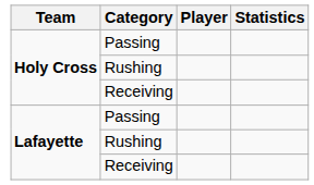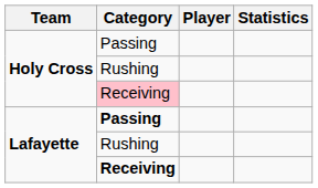 <table class="wikitable" style="float: right;">
 <tr>
 <th>Team</th>
 <th>Category</th>
 <th>Player</th>
 <th>Statistics</th>
 </tr>
 <tr>
 <td rowspan=3><strong>Holy Cross</strong></td>
 <td>Passing</td>
 <td></td>
 <td></td>
 </tr>
 <tr>
 <td>Rushing</td>
 <td></td>
 <td></td>
 </tr>
 <tr>
-<td>Receiving</td>
+<td style="background: pink;">Receiving</td>
 <td></td>
 <td></td>
 </tr>
 <tr>
 <td rowspan=3><strong>Lafayette</strong></td>
-<td>Passing</td>
+<td><strong>Passing</strong></td>
 <td></td>
 <td></td>
 </tr>
 <tr>
 <td>Rushing</td>
 <td></td>
 <td></td>
 </tr>
 <tr>
-<td>Receiving</td>
+<td><strong>Receiving</strong></td>
 <td></td>
 <td></td>
 </tr>
 </table>
